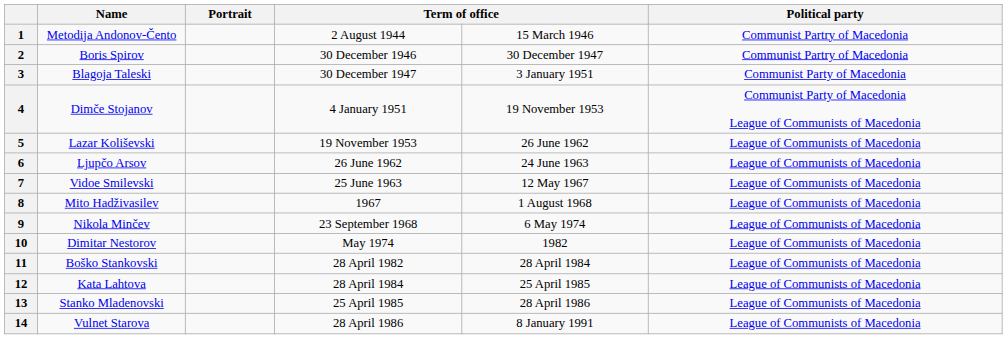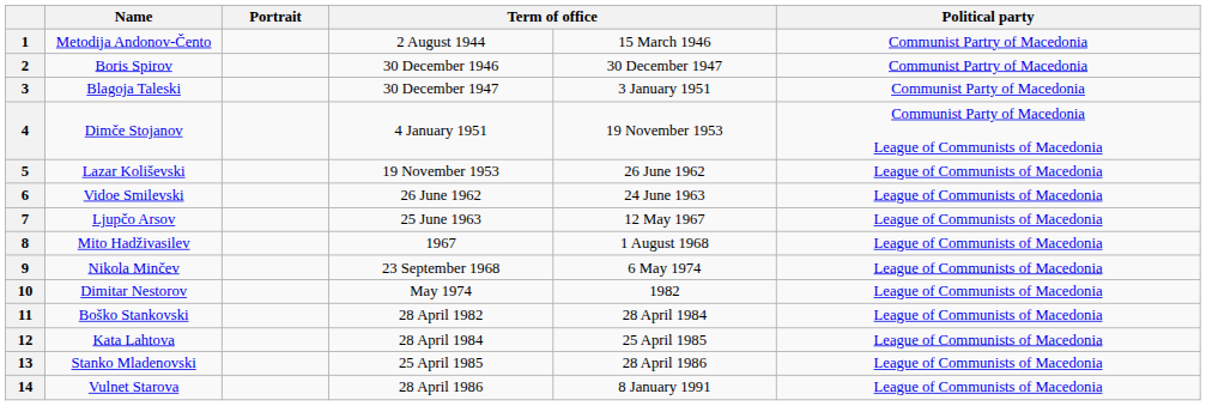 <table class="wikitable" style="text-align:center; width:100%;">
 <tr>
 <th></th>
 <th width=180>Name<br></th>
 <th>Portrait</th>
 <th colspan=2>Term of office</th>
 <th>Political party</th>
 </tr>
 <tr>
 <th style="background:">1</th>
 <td><a href='#'>Metodija Andonov-Čento</a><br></td>
 <td></td>
 <td>2 August 1944</td>
 <td>15 March 1946</td>
 <td><a href='#'>Communist Partry of Macedonia</a></td>
 </tr>
 <tr>
 <th style="background:">2</th>
 <td><a href='#'>Boris Spirov</a><br></td>
 <td></td>
 <td>30 December 1946</td>
 <td>30 December 1947</td>
 <td><a href='#'>Communist Partry of Macedonia</a></td>
 </tr>
 <tr>
 <th style="background:">3</th>
 <td><a href='#'>Blagoja Taleski</a><br></td>
 <td></td>
 <td>30 December 1947</td>
 <td>3 January 1951</td>
 <td><a href='#'>Communist Party of Macedonia</a></td>
 </tr>
 <tr>
 <th style="background:">4</th>
 <td><a href='#'>Dimče Stojanov</a><br></td>
 <td></td>
 <td>4 January 1951</td>
 <td>19 November 1953</td>
 <td><a href='#'>Communist Party of Macedonia<br><br>League of Communists of Macedonia</a></td>
 </tr>
 <tr>
 <th style="background:">5</th>
 <td><a href='#'>Lazar Koliševski</a><br></td>
 <td></td>
 <td>19 November 1953</td>
 <td>26 June 1962</td>
 <td><a href='#'>League of Communists of Macedonia</a></td>
 </tr>
 <tr>
 <th style="background:">6</th>
-<td><a href='#'>Ljupčo Arsov</a><br></td>
+<td><a href='#'>Vidoe Smilevski</a><br></td>
 <td></td>
 <td>26 June 1962</td>
 <td>24 June 1963</td>
 <td><a href='#'>League of Communists of Macedonia</a></td>
 </tr>
 <tr>
 <th style="background:">7</th>
-<td><a href='#'>Vidoe Smilevski</a><br></td>
+<td><a href='#'>Ljupčo Arsov</a><br></td>
 <td></td>
 <td>25 June 1963</td>
 <td>12 May 1967</td>
 <td><a href='#'>League of Communists of Macedonia</a></td>
 </tr>
 <tr>
 <th style="background:">8</th>
 <td><a href='#'>Mito Hadživasilev</a><br></td>
 <td></td>
 <td>1967</td>
 <td>1 August 1968</td>
 <td><a href='#'>League of Communists of Macedonia</a></td>
 </tr>
 <tr>
 <th style="background:">9</th>
 <td><a href='#'>Nikola Minčev</a><br></td>
 <td></td>
 <td>23 September 1968</td>
 <td>6 May 1974</td>
 <td><a href='#'>League of Communists of Macedonia</a></td>
 </tr>
 <tr>
 <th style="background:">10</th>
 <td><a href='#'>Dimitar Nestorov</a><br></td>
 <td></td>
 <td>May 1974</td>
 <td>1982</td>
 <td><a href='#'>League of Communists of Macedonia</a></td>
 </tr>
 <tr>
 <th style="background:">11</th>
 <td><a href='#'>Boško Stankovski</a><br></td>
 <td></td>
 <td>28 April 1982</td>
 <td>28 April 1984</td>
 <td><a href='#'>League of Communists of Macedonia</a></td>
 </tr>
 <tr>
 <th style="background:">12</th>
 <td><a href='#'>Kata Lahtova</a><br></td>
 <td></td>
 <td>28 April 1984</td>
 <td>25 April 1985</td>
 <td><a href='#'>League of Communists of Macedonia</a></td>
 </tr>
 <tr>
 <th style="background:">13</th>
 <td><a href='#'>Stanko Mladenovski</a><br></td>
 <td></td>
 <td>25 April 1985</td>
 <td>28 April 1986</td>
 <td><a href='#'>League of Communists of Macedonia</a></td>
 </tr>
 <tr>
 <th style="background:">14</th>
 <td><a href='#'>Vulnet Starova</a><br></td>
 <td></td>
 <td>28 April 1986</td>
 <td>8 January 1991</td>
 <td><a href='#'>League of Communists of Macedonia</a></td>
 </tr>
 </table>
